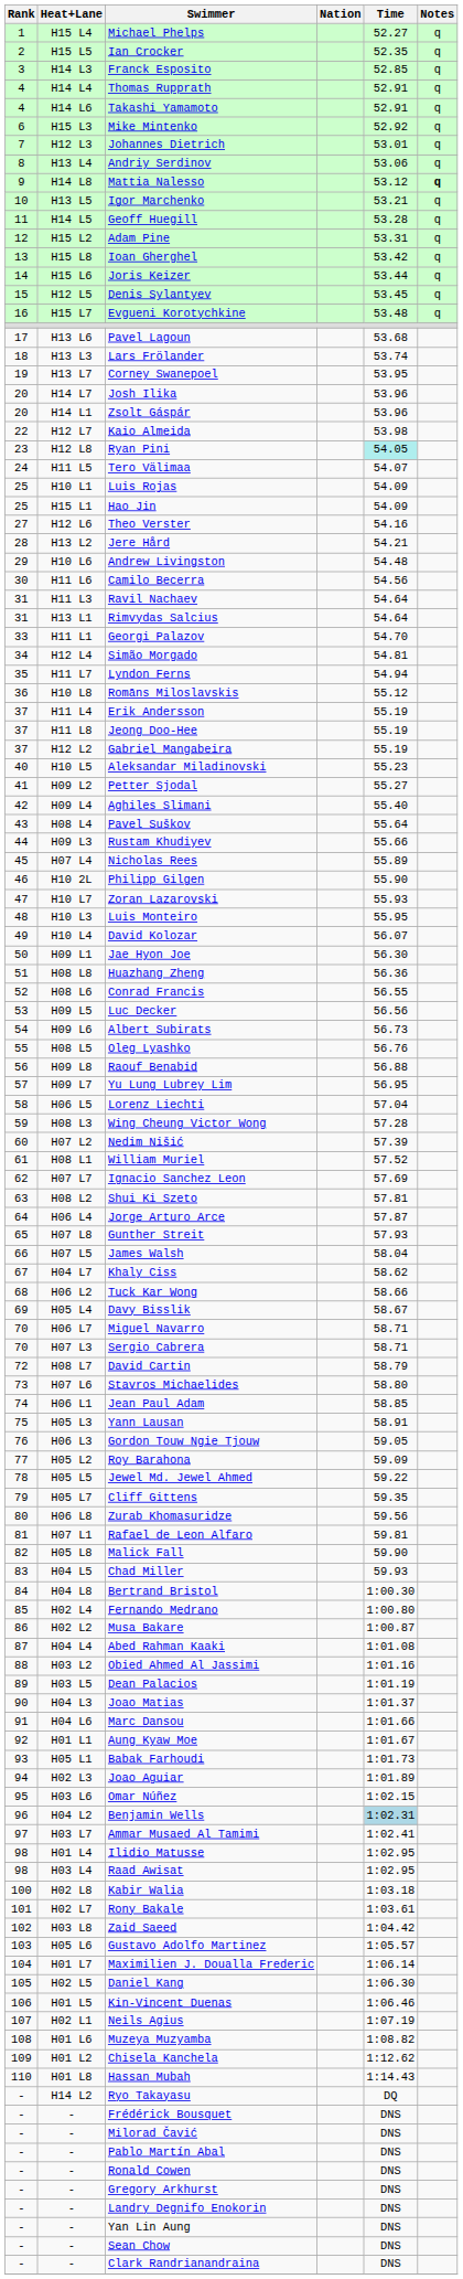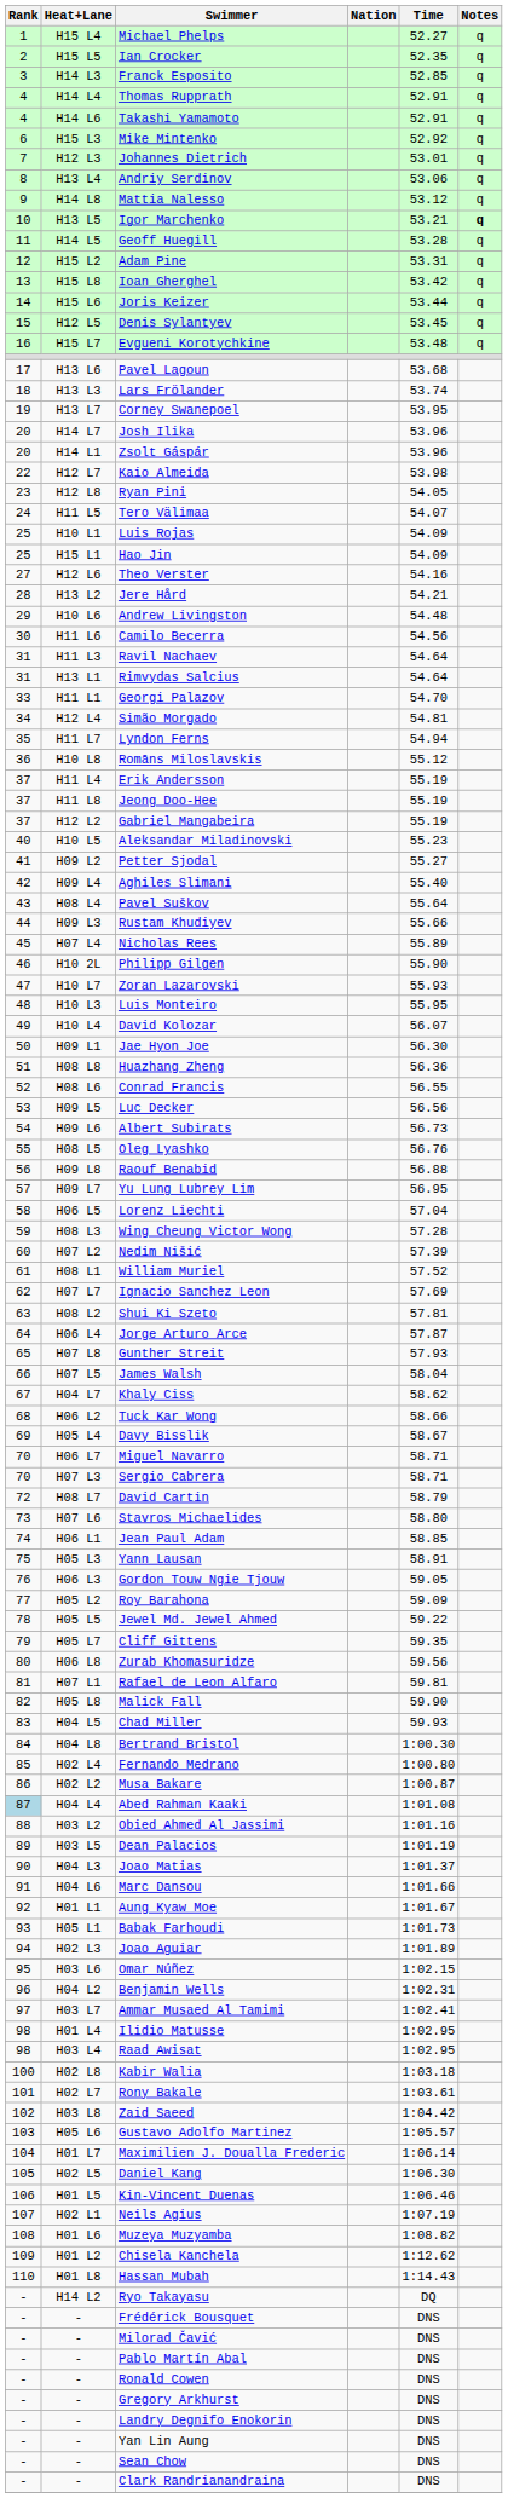 <table class="wikitable sortable" style="text-align:center">
 <tr>
 <th>Rank</th>
 <th>Heat+Lane</th>
 <th>Swimmer</th>
 <th>Nation</th>
 <th>Time</th>
 <th>Notes</th>
 </tr>
 <tr bgcolor=ccffcc>
 <td>1</td>
 <td>H15 L4</td>
 <td align=left><a href='#'>Michael Phelps</a></td>
 <td align=left></td>
 <td>52.27</td>
 <td>q</td>
 </tr>
 <tr bgcolor=ccffcc>
 <td>2</td>
 <td>H15 L5</td>
 <td align=left><a href='#'>Ian Crocker</a></td>
 <td align=left></td>
 <td>52.35</td>
 <td>q</td>
 </tr>
 <tr bgcolor=ccffcc>
 <td>3</td>
 <td>H14 L3</td>
 <td align=left><a href='#'>Franck Esposito</a></td>
 <td align=left></td>
 <td>52.85</td>
 <td>q</td>
 </tr>
 <tr bgcolor=ccffcc>
 <td>4</td>
 <td>H14 L4</td>
 <td align=left><a href='#'>Thomas Rupprath</a></td>
 <td align=left></td>
 <td>52.91</td>
 <td>q</td>
 </tr>
 <tr bgcolor=ccffcc>
 <td>4</td>
 <td>H14 L6</td>
 <td align=left><a href='#'>Takashi Yamamoto</a></td>
 <td align=left></td>
 <td>52.91</td>
 <td>q</td>
 </tr>
 <tr bgcolor=ccffcc>
 <td>6</td>
 <td>H15 L3</td>
 <td align=left><a href='#'>Mike Mintenko</a></td>
 <td align=left></td>
 <td>52.92</td>
 <td>q</td>
 </tr>
 <tr bgcolor=ccffcc>
 <td>7</td>
 <td>H12 L3</td>
 <td align=left><a href='#'>Johannes Dietrich</a></td>
 <td align=left></td>
 <td>53.01</td>
 <td>q</td>
 </tr>
 <tr bgcolor=ccffcc>
 <td>8</td>
 <td>H13 L4</td>
 <td align=left><a href='#'>Andriy Serdinov</a></td>
 <td align=left></td>
 <td>53.06</td>
 <td>q</td>
 </tr>
 <tr bgcolor=ccffcc>
 <td>9</td>
 <td>H14 L8</td>
 <td align=left><a href='#'>Mattia Nalesso</a></td>
 <td align=left></td>
 <td>53.12</td>
-<td><strong>q</strong></td>
+<td>q</td>
 </tr>
 <tr bgcolor=ccffcc>
 <td>10</td>
 <td>H13 L5</td>
 <td align=left><a href='#'>Igor Marchenko</a></td>
 <td align=left></td>
 <td>53.21</td>
-<td>q</td>
+<td><strong>q</strong></td>
 </tr>
 <tr bgcolor=ccffcc>
 <td>11</td>
 <td>H14 L5</td>
 <td align=left><a href='#'>Geoff Huegill</a></td>
 <td align=left></td>
 <td>53.28</td>
 <td>q</td>
 </tr>
 <tr bgcolor=ccffcc>
 <td>12</td>
 <td>H15 L2</td>
 <td align=left><a href='#'>Adam Pine</a></td>
 <td align=left></td>
 <td>53.31</td>
 <td>q</td>
 </tr>
 <tr bgcolor=ccffcc>
 <td>13</td>
 <td>H15 L8</td>
 <td align=left><a href='#'>Ioan Gherghel</a></td>
 <td align=left></td>
 <td>53.42</td>
 <td>q</td>
 </tr>
 <tr bgcolor=ccffcc>
 <td>14</td>
 <td>H15 L6</td>
 <td align=left><a href='#'>Joris Keizer</a></td>
 <td align=left></td>
 <td>53.44</td>
 <td>q</td>
 </tr>
 <tr bgcolor=ccffcc>
 <td>15</td>
 <td>H12 L5</td>
 <td align=left><a href='#'>Denis Sylantyev</a></td>
 <td align=left></td>
 <td>53.45</td>
 <td>q</td>
 </tr>
 <tr bgcolor=ccffcc>
 <td>16</td>
 <td>H15 L7</td>
 <td align=left><a href='#'>Evgueni Korotychkine</a></td>
 <td align=left></td>
 <td>53.48</td>
 <td>q</td>
 </tr>
 <tr bgcolor=#DDDDDD>
 <td colspan=6></td>
 </tr>
 <tr>
 <td>17</td>
 <td>H13 L6</td>
 <td align=left><a href='#'>Pavel Lagoun</a></td>
 <td align=left></td>
 <td>53.68</td>
 <td></td>
 </tr>
 <tr>
 <td>18</td>
 <td>H13 L3</td>
 <td align=left><a href='#'>Lars Frölander</a></td>
 <td align=left></td>
 <td>53.74</td>
 <td></td>
 </tr>
 <tr>
 <td>19</td>
 <td>H13 L7</td>
 <td align=left><a href='#'>Corney Swanepoel</a></td>
 <td align=left></td>
 <td>53.95</td>
 <td></td>
 </tr>
 <tr>
 <td>20</td>
 <td>H14 L7</td>
 <td align=left><a href='#'>Josh Ilika</a></td>
 <td align=left></td>
 <td>53.96</td>
 <td></td>
 </tr>
 <tr>
 <td>20</td>
 <td>H14 L1</td>
 <td align=left><a href='#'>Zsolt Gáspár</a></td>
 <td align=left></td>
 <td>53.96</td>
 <td></td>
 </tr>
 <tr>
 <td>22</td>
 <td>H12 L7</td>
 <td align=left><a href='#'>Kaio Almeida</a></td>
 <td align=left></td>
 <td>53.98</td>
 <td></td>
 </tr>
 <tr>
 <td>23</td>
 <td>H12 L8</td>
 <td align=left><a href='#'>Ryan Pini</a></td>
 <td align=left></td>
-<td style="background: paleturquoise;">54.05</td>
+<td>54.05</td>
 <td></td>
 </tr>
 <tr>
 <td>24</td>
 <td>H11 L5</td>
 <td align=left><a href='#'>Tero Välimaa</a></td>
 <td align=left></td>
 <td>54.07</td>
 <td></td>
 </tr>
 <tr>
 <td>25</td>
 <td>H10 L1</td>
 <td align=left><a href='#'>Luis Rojas</a></td>
 <td align=left></td>
 <td>54.09</td>
 <td></td>
 </tr>
 <tr>
 <td>25</td>
 <td>H15 L1</td>
 <td align=left><a href='#'>Hao Jin</a></td>
 <td align=left></td>
 <td>54.09</td>
 <td></td>
 </tr>
 <tr>
 <td>27</td>
 <td>H12 L6</td>
 <td align=left><a href='#'>Theo Verster</a></td>
 <td align=left></td>
 <td>54.16</td>
 <td></td>
 </tr>
 <tr>
 <td>28</td>
 <td>H13 L2</td>
 <td align=left><a href='#'>Jere Hård</a></td>
 <td align=left></td>
 <td>54.21</td>
 <td></td>
 </tr>
 <tr>
 <td>29</td>
 <td>H10 L6</td>
 <td align=left><a href='#'>Andrew Livingston</a></td>
 <td align=left></td>
 <td>54.48</td>
 <td></td>
 </tr>
 <tr>
 <td>30</td>
 <td>H11 L6</td>
 <td align=left><a href='#'>Camilo Becerra</a></td>
 <td align=left></td>
 <td>54.56</td>
 <td></td>
 </tr>
 <tr>
 <td>31</td>
 <td>H11 L3</td>
 <td align=left><a href='#'>Ravil Nachaev</a></td>
 <td align=left></td>
 <td>54.64</td>
 <td></td>
 </tr>
 <tr>
 <td>31</td>
 <td>H13 L1</td>
 <td align=left><a href='#'>Rimvydas Salcius</a></td>
 <td align=left></td>
 <td>54.64</td>
 <td></td>
 </tr>
 <tr>
 <td>33</td>
 <td>H11 L1</td>
 <td align=left><a href='#'>Georgi Palazov</a></td>
 <td align=left></td>
 <td>54.70</td>
 <td></td>
 </tr>
 <tr>
 <td>34</td>
 <td>H12 L4</td>
 <td align=left><a href='#'>Simão Morgado</a></td>
 <td align=left></td>
 <td>54.81</td>
 <td></td>
 </tr>
 <tr>
 <td>35</td>
 <td>H11 L7</td>
 <td align=left><a href='#'>Lyndon Ferns</a></td>
 <td align=left></td>
 <td>54.94</td>
 <td></td>
 </tr>
 <tr>
 <td>36</td>
 <td>H10 L8</td>
 <td align=left><a href='#'>Romāns Miloslavskis</a></td>
 <td align=left></td>
 <td>55.12</td>
 <td></td>
 </tr>
 <tr>
 <td>37</td>
 <td>H11 L4</td>
 <td align=left><a href='#'>Erik Andersson</a></td>
 <td align=left></td>
 <td>55.19</td>
 <td></td>
 </tr>
 <tr>
 <td>37</td>
 <td>H11 L8</td>
 <td align=left><a href='#'>Jeong Doo-Hee</a></td>
 <td align=left></td>
 <td>55.19</td>
 <td></td>
 </tr>
 <tr>
 <td>37</td>
 <td>H12 L2</td>
 <td align=left><a href='#'>Gabriel Mangabeira</a></td>
 <td align=left></td>
 <td>55.19</td>
 <td></td>
 </tr>
 <tr>
 <td>40</td>
 <td>H10 L5</td>
 <td align=left><a href='#'>Aleksandar Miladinovski</a></td>
 <td align=left></td>
 <td>55.23</td>
 <td></td>
 </tr>
 <tr>
 <td>41</td>
 <td>H09 L2</td>
 <td align=left><a href='#'>Petter Sjodal</a></td>
 <td align=left></td>
 <td>55.27</td>
 <td></td>
 </tr>
 <tr>
 <td>42</td>
 <td>H09 L4</td>
 <td align=left><a href='#'>Aghiles Slimani</a></td>
 <td align=left></td>
 <td>55.40</td>
 <td></td>
 </tr>
 <tr>
 <td>43</td>
 <td>H08 L4</td>
 <td align=left><a href='#'>Pavel Suškov</a></td>
 <td align=left></td>
 <td>55.64</td>
 <td></td>
 </tr>
 <tr>
 <td>44</td>
 <td>H09 L3</td>
 <td align=left><a href='#'>Rustam Khudiyev</a></td>
 <td align=left></td>
 <td>55.66</td>
 <td></td>
 </tr>
 <tr>
 <td>45</td>
 <td>H07 L4</td>
 <td align=left><a href='#'>Nicholas Rees</a></td>
 <td align=left></td>
 <td>55.89</td>
 <td></td>
 </tr>
 <tr>
 <td>46</td>
 <td>H10 2L</td>
 <td align=left><a href='#'>Philipp Gilgen</a></td>
 <td align=left></td>
 <td>55.90</td>
 <td></td>
 </tr>
 <tr>
 <td>47</td>
 <td>H10 L7</td>
 <td align=left><a href='#'>Zoran Lazarovski</a></td>
 <td align=left></td>
 <td>55.93</td>
 <td></td>
 </tr>
 <tr>
 <td>48</td>
 <td>H10 L3</td>
 <td align=left><a href='#'>Luis Monteiro</a></td>
 <td align=left></td>
 <td>55.95</td>
 <td></td>
 </tr>
 <tr>
 <td>49</td>
 <td>H10 L4</td>
 <td align=left><a href='#'>David Kolozar</a></td>
 <td align=left></td>
 <td>56.07</td>
 <td></td>
 </tr>
 <tr>
 <td>50</td>
 <td>H09 L1</td>
 <td align=left><a href='#'>Jae Hyon Joe</a></td>
 <td align=left></td>
 <td>56.30</td>
 <td></td>
 </tr>
 <tr>
 <td>51</td>
 <td>H08 L8</td>
 <td align=left><a href='#'>Huazhang Zheng</a></td>
 <td align=left></td>
 <td>56.36</td>
 <td></td>
 </tr>
 <tr>
 <td>52</td>
 <td>H08 L6</td>
 <td align=left><a href='#'>Conrad Francis</a></td>
 <td align=left></td>
 <td>56.55</td>
 <td></td>
 </tr>
 <tr>
 <td>53</td>
 <td>H09 L5</td>
 <td align=left><a href='#'>Luc Decker</a></td>
 <td align=left></td>
 <td>56.56</td>
 <td></td>
 </tr>
 <tr>
 <td>54</td>
 <td>H09 L6</td>
 <td align=left><a href='#'>Albert Subirats</a></td>
 <td align=left></td>
 <td>56.73</td>
 <td></td>
 </tr>
 <tr>
 <td>55</td>
 <td>H08 L5</td>
 <td align=left><a href='#'>Oleg Lyashko</a></td>
 <td align=left></td>
 <td>56.76</td>
 <td></td>
 </tr>
 <tr>
 <td>56</td>
 <td>H09 L8</td>
 <td align=left><a href='#'>Raouf Benabid</a></td>
 <td align=left></td>
 <td>56.88</td>
 <td></td>
 </tr>
 <tr>
 <td>57</td>
 <td>H09 L7</td>
 <td align=left><a href='#'>Yu Lung Lubrey Lim</a></td>
 <td align=left></td>
 <td>56.95</td>
 <td></td>
 </tr>
 <tr>
 <td>58</td>
 <td>H06 L5</td>
 <td align=left><a href='#'>Lorenz Liechti</a></td>
 <td align=left></td>
 <td>57.04</td>
 <td></td>
 </tr>
 <tr>
 <td>59</td>
 <td>H08 L3</td>
 <td align=left><a href='#'>Wing Cheung Victor Wong</a></td>
 <td align=left></td>
 <td>57.28</td>
 <td></td>
 </tr>
 <tr>
 <td>60</td>
 <td>H07 L2</td>
 <td align=left><a href='#'>Nedim Nišić</a></td>
 <td align=left></td>
 <td>57.39</td>
 <td></td>
 </tr>
 <tr>
 <td>61</td>
 <td>H08 L1</td>
 <td align=left><a href='#'>William Muriel</a></td>
 <td align=left></td>
 <td>57.52</td>
 <td></td>
 </tr>
 <tr>
 <td>62</td>
 <td>H07 L7</td>
 <td align=left><a href='#'>Ignacio Sanchez Leon</a></td>
 <td align=left></td>
 <td>57.69</td>
 <td></td>
 </tr>
 <tr>
 <td>63</td>
 <td>H08 L2</td>
 <td align=left><a href='#'>Shui Ki Szeto</a></td>
 <td align=left></td>
 <td>57.81</td>
 <td></td>
 </tr>
 <tr>
 <td>64</td>
 <td>H06 L4</td>
 <td align=left><a href='#'>Jorge Arturo Arce</a></td>
 <td align=left></td>
 <td>57.87</td>
 <td></td>
 </tr>
 <tr>
 <td>65</td>
 <td>H07 L8</td>
 <td align=left><a href='#'>Gunther Streit</a></td>
 <td align=left></td>
 <td>57.93</td>
 <td></td>
 </tr>
 <tr>
 <td>66</td>
 <td>H07 L5</td>
 <td align=left><a href='#'>James Walsh</a></td>
 <td align=left></td>
 <td>58.04</td>
 <td></td>
 </tr>
 <tr>
 <td>67</td>
 <td>H04 L7</td>
 <td align=left><a href='#'>Khaly Ciss</a></td>
 <td align=left></td>
 <td>58.62</td>
 <td></td>
 </tr>
 <tr>
 <td>68</td>
 <td>H06 L2</td>
 <td align=left><a href='#'>Tuck Kar Wong</a></td>
 <td align=left></td>
 <td>58.66</td>
 <td></td>
 </tr>
 <tr>
 <td>69</td>
 <td>H05 L4</td>
 <td align=left><a href='#'>Davy Bisslik</a></td>
 <td align=left></td>
 <td>58.67</td>
 <td></td>
 </tr>
 <tr>
 <td>70</td>
 <td>H06 L7</td>
 <td align=left><a href='#'>Miguel Navarro</a></td>
 <td align=left></td>
 <td>58.71</td>
 <td></td>
 </tr>
 <tr>
 <td>70</td>
 <td>H07 L3</td>
 <td align=left><a href='#'>Sergio Cabrera</a></td>
 <td align=left></td>
 <td>58.71</td>
 <td></td>
 </tr>
 <tr>
 <td>72</td>
 <td>H08 L7</td>
 <td align=left><a href='#'>David Cartin</a></td>
 <td align=left></td>
 <td>58.79</td>
 <td></td>
 </tr>
 <tr>
 <td>73</td>
 <td>H07 L6</td>
 <td align=left><a href='#'>Stavros Michaelides</a></td>
 <td align=left></td>
 <td>58.80</td>
 <td></td>
 </tr>
 <tr>
 <td>74</td>
 <td>H06 L1</td>
 <td align=left><a href='#'>Jean Paul Adam</a></td>
 <td align=left></td>
 <td>58.85</td>
 <td></td>
 </tr>
 <tr>
 <td>75</td>
 <td>H05 L3</td>
 <td align=left><a href='#'>Yann Lausan</a></td>
 <td align=left></td>
 <td>58.91</td>
 <td></td>
 </tr>
 <tr>
 <td>76</td>
 <td>H06 L3</td>
 <td align=left><a href='#'>Gordon Touw Ngie Tjouw</a></td>
 <td align=left></td>
 <td>59.05</td>
 <td></td>
 </tr>
 <tr>
 <td>77</td>
 <td>H05 L2</td>
 <td align=left><a href='#'>Roy Barahona</a></td>
 <td align=left></td>
 <td>59.09</td>
 <td></td>
 </tr>
 <tr>
 <td>78</td>
 <td>H05 L5</td>
 <td align=left><a href='#'>Jewel Md. Jewel Ahmed</a></td>
 <td align=left></td>
 <td>59.22</td>
 <td></td>
 </tr>
 <tr>
 <td>79</td>
 <td>H05 L7</td>
 <td align=left><a href='#'>Cliff Gittens</a></td>
 <td align=left></td>
 <td>59.35</td>
 <td></td>
 </tr>
 <tr>
 <td>80</td>
 <td>H06 L8</td>
 <td align=left><a href='#'>Zurab Khomasuridze</a></td>
 <td align=left></td>
 <td>59.56</td>
 <td></td>
 </tr>
 <tr>
 <td>81</td>
 <td>H07 L1</td>
 <td align=left><a href='#'>Rafael de Leon Alfaro</a></td>
 <td align=left></td>
 <td>59.81</td>
 <td></td>
 </tr>
 <tr>
 <td>82</td>
 <td>H05 L8</td>
 <td align=left><a href='#'>Malick Fall</a></td>
 <td align=left></td>
 <td>59.90</td>
 <td></td>
 </tr>
 <tr>
 <td>83</td>
 <td>H04 L5</td>
 <td align=left><a href='#'>Chad Miller</a></td>
 <td align=left></td>
 <td>59.93</td>
 <td></td>
 </tr>
 <tr>
 <td>84</td>
 <td>H04 L8</td>
 <td align=left><a href='#'>Bertrand Bristol</a></td>
 <td align=left></td>
 <td>1:00.30</td>
 <td></td>
 </tr>
 <tr>
 <td>85</td>
 <td>H02 L4</td>
 <td align=left><a href='#'>Fernando Medrano</a></td>
 <td align=left></td>
 <td>1:00.80</td>
 <td></td>
 </tr>
 <tr>
 <td>86</td>
 <td>H02 L2</td>
 <td align=left><a href='#'>Musa Bakare</a></td>
 <td align=left></td>
 <td>1:00.87</td>
 <td></td>
 </tr>
 <tr>
-<td>87</td>
+<td style="background: lightblue;">87</td>
 <td>H04 L4</td>
 <td align=left><a href='#'>Abed Rahman Kaaki</a></td>
 <td align=left></td>
 <td>1:01.08</td>
 <td></td>
 </tr>
 <tr>
 <td>88</td>
 <td>H03 L2</td>
 <td align=left><a href='#'>Obied Ahmed Al Jassimi</a></td>
 <td align=left></td>
 <td>1:01.16</td>
 <td></td>
 </tr>
 <tr>
 <td>89</td>
 <td>H03 L5</td>
 <td align=left><a href='#'>Dean Palacios</a></td>
 <td align=left></td>
 <td>1:01.19</td>
 <td></td>
 </tr>
 <tr>
 <td>90</td>
 <td>H04 L3</td>
 <td align=left><a href='#'>Joao Matias</a></td>
 <td align=left></td>
 <td>1:01.37</td>
 <td></td>
 </tr>
 <tr>
 <td>91</td>
 <td>H04 L6</td>
 <td align=left><a href='#'>Marc Dansou</a></td>
 <td align=left></td>
 <td>1:01.66</td>
 <td></td>
 </tr>
 <tr>
 <td>92</td>
 <td>H01 L1</td>
 <td align=left><a href='#'>Aung Kyaw Moe</a></td>
 <td align=left></td>
 <td>1:01.67</td>
 <td></td>
 </tr>
 <tr>
 <td>93</td>
 <td>H05 L1</td>
 <td align=left><a href='#'>Babak Farhoudi</a></td>
 <td align=left></td>
 <td>1:01.73</td>
 <td></td>
 </tr>
 <tr>
 <td>94</td>
 <td>H02 L3</td>
 <td align=left><a href='#'>Joao Aguiar</a></td>
 <td align=left></td>
 <td>1:01.89</td>
 <td></td>
 </tr>
 <tr>
 <td>95</td>
 <td>H03 L6</td>
 <td align=left><a href='#'>Omar Núñez</a></td>
 <td align=left></td>
 <td>1:02.15</td>
 <td></td>
 </tr>
 <tr>
 <td>96</td>
 <td>H04 L2</td>
 <td align=left><a href='#'>Benjamin Wells</a></td>
 <td align=left></td>
-<td style="background: lightblue;">1:02.31</td>
+<td>1:02.31</td>
 <td></td>
 </tr>
 <tr>
 <td>97</td>
 <td>H03 L7</td>
 <td align=left><a href='#'>Ammar Musaed Al Tamimi</a></td>
 <td align=left></td>
 <td>1:02.41</td>
 <td></td>
 </tr>
 <tr>
 <td>98</td>
 <td>H01 L4</td>
 <td align=left><a href='#'>Ilidio Matusse</a></td>
 <td align=left></td>
 <td>1:02.95</td>
 <td></td>
 </tr>
 <tr>
 <td>98</td>
 <td>H03 L4</td>
 <td align=left><a href='#'>Raad Awisat</a></td>
 <td align=left></td>
 <td>1:02.95</td>
 <td></td>
 </tr>
 <tr>
 <td>100</td>
 <td>H02 L8</td>
 <td align=left><a href='#'>Kabir Walia</a></td>
 <td align=left></td>
 <td>1:03.18</td>
 <td></td>
 </tr>
 <tr>
 <td>101</td>
 <td>H02 L7</td>
 <td align=left><a href='#'>Rony Bakale</a></td>
 <td align=left></td>
 <td>1:03.61</td>
 <td></td>
 </tr>
 <tr>
 <td>102</td>
 <td>H03 L8</td>
 <td align=left><a href='#'>Zaid Saeed</a></td>
 <td align=left></td>
 <td>1:04.42</td>
 <td></td>
 </tr>
 <tr>
 <td>103</td>
 <td>H05 L6</td>
 <td align=left><a href='#'>Gustavo Adolfo Martinez</a></td>
 <td align=left></td>
 <td>1:05.57</td>
 <td></td>
 </tr>
 <tr>
 <td>104</td>
 <td>H01 L7</td>
 <td align=left><a href='#'>Maximilien J. Doualla Frederic</a></td>
 <td align=left></td>
 <td>1:06.14</td>
 <td></td>
 </tr>
 <tr>
 <td>105</td>
 <td>H02 L5</td>
 <td align=left><a href='#'>Daniel Kang</a></td>
 <td align=left></td>
 <td>1:06.30</td>
 <td></td>
 </tr>
 <tr>
 <td>106</td>
 <td>H01 L5</td>
 <td align=left><a href='#'>Kin-Vincent Duenas</a></td>
 <td align=left></td>
 <td>1:06.46</td>
 <td></td>
 </tr>
 <tr>
 <td>107</td>
 <td>H02 L1</td>
 <td align=left><a href='#'>Neils Agius</a></td>
 <td align=left></td>
 <td>1:07.19</td>
 <td></td>
 </tr>
 <tr>
 <td>108</td>
 <td>H01 L6</td>
 <td align=left><a href='#'>Muzeya Muzyamba</a></td>
 <td align=left></td>
 <td>1:08.82</td>
 <td></td>
 </tr>
 <tr>
 <td>109</td>
 <td>H01 L2</td>
 <td align=left><a href='#'>Chisela Kanchela</a></td>
 <td align=left></td>
 <td>1:12.62</td>
 <td></td>
 </tr>
 <tr>
 <td>110</td>
 <td>H01 L8</td>
 <td align=left><a href='#'>Hassan Mubah</a></td>
 <td align=left></td>
 <td>1:14.43</td>
 <td></td>
 </tr>
 <tr>
 <td>-</td>
 <td>H14 L2</td>
 <td align=left><a href='#'>Ryo Takayasu</a></td>
 <td align=left></td>
 <td>DQ</td>
 <td></td>
 </tr>
 <tr>
 <td>-</td>
 <td>-</td>
 <td align=left><a href='#'>Frédérick Bousquet</a></td>
 <td align=left></td>
 <td>DNS</td>
 <td></td>
 </tr>
 <tr>
 <td>-</td>
 <td>-</td>
 <td align=left><a href='#'>Milorad Čavić</a></td>
 <td align=left></td>
 <td>DNS</td>
 <td></td>
 </tr>
 <tr>
 <td>-</td>
 <td>-</td>
 <td align=left><a href='#'>Pablo Martín Abal</a></td>
 <td align=left></td>
 <td>DNS</td>
 <td></td>
 </tr>
 <tr>
 <td>-</td>
 <td>-</td>
 <td align=left><a href='#'>Ronald Cowen</a></td>
 <td align=left></td>
 <td>DNS</td>
 <td></td>
 </tr>
 <tr>
 <td>-</td>
 <td>-</td>
 <td align=left><a href='#'>Gregory Arkhurst</a></td>
 <td align=left></td>
 <td>DNS</td>
 <td></td>
 </tr>
 <tr>
 <td>-</td>
 <td>-</td>
 <td align=left><a href='#'>Landry Degnifo Enokorin</a></td>
 <td align=left></td>
 <td>DNS</td>
 <td></td>
 </tr>
 <tr>
 <td>-</td>
 <td>-</td>
 <td align=left>Yan Lin Aung</td>
 <td align=left></td>
 <td>DNS</td>
 <td></td>
 </tr>
 <tr>
 <td>-</td>
 <td>-</td>
 <td align=left><a href='#'>Sean Chow</a></td>
 <td align=left></td>
 <td>DNS</td>
 <td></td>
 </tr>
 <tr>
 <td>-</td>
 <td>-</td>
 <td align=left><a href='#'>Clark Randrianandraina</a></td>
 <td align=left></td>
 <td>DNS</td>
 <td></td>
 </tr>
 <tr>
 </tr>
 </table>
